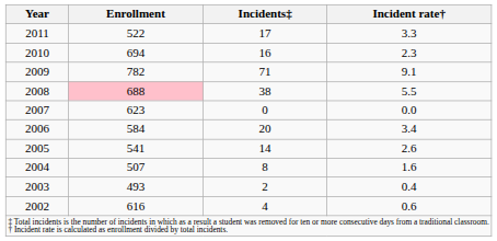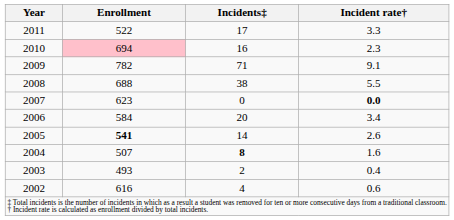 <table class="wikitable collapsible sortable" style="margin: 1em auto 1em auto;">
 <tr align="center">
 <th>Year</th>
 <th>Enrollment</th>
 <th>Incidents‡</th>
 <th>Incident rate†</th>
 </tr>
 <tr align="center">
 <td>2011</td>
 <td>522</td>
 <td>17</td>
 <td>3.3</td>
 </tr>
 <tr align="center">
 <td>2010</td>
-<td>694</td>
+<td style="background: pink;">694</td>
 <td>16</td>
 <td>2.3</td>
 </tr>
 <tr align="center">
 <td>2009</td>
 <td>782</td>
 <td>71</td>
 <td>9.1</td>
 </tr>
 <tr align="center">
 <td>2008</td>
-<td style="background: pink;">688</td>
+<td>688</td>
 <td>38</td>
 <td>5.5</td>
 </tr>
 <tr align="center">
 <td>2007</td>
 <td>623</td>
 <td>0</td>
-<td>0.0</td>
+<td><strong>0.0</strong></td>
 </tr>
 <tr align="center">
 <td>2006</td>
 <td>584</td>
 <td>20</td>
 <td>3.4</td>
 </tr>
 <tr align="center">
 <td>2005</td>
-<td>541</td>
+<td><strong>541</strong></td>
 <td>14</td>
 <td>2.6</td>
 </tr>
 <tr align="center">
 <td>2004</td>
 <td>507</td>
-<td>8</td>
+<td><strong>8</strong></td>
 <td>1.6</td>
 </tr>
 <tr align="center">
 <td>2003</td>
 <td>493</td>
 <td>2</td>
 <td>0.4</td>
 </tr>
 <tr align="center">
 <td>2002</td>
 <td>616</td>
 <td>4</td>
 <td>0.6</td>
 </tr>
 <tr class="sortbottom">
 <td colspan="4" style="font-size: 8pt">‡ Total incidents is the number of incidents in which as a result a student was removed for ten or more consecutive days from a traditional classroom. <br> † Incident rate is calculated as enrollment divided by total incidents.</td>
 </tr>
 </table>
